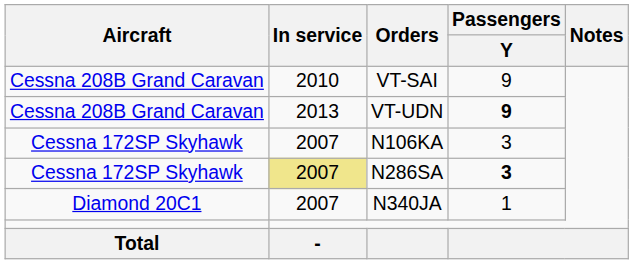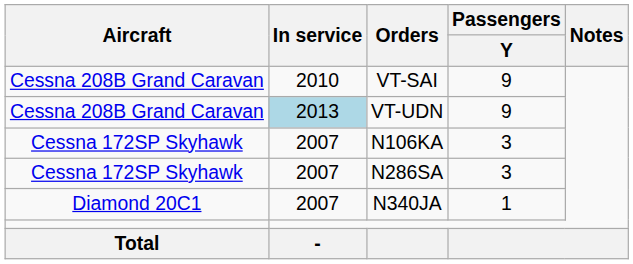 <table class="wikitable" style="text-align:center; margin:0.5em auto">
 <tr>
 <th rowspan="2">Aircraft</th>
 <th rowspan="2">In service</th>
 <th rowspan="2">Orders</th>
 <th>Passengers</th>
 <th rowspan="2">Notes</th>
 </tr>
 <tr>
 <th style="width:25px;"><abbr>Y</abbr></th>
 </tr>
 <tr>
 <td><a href='#'>Cessna 208B Grand Caravan</a></td>
 <td>2010</td>
 <td>VT-SAI</td>
 <td>9</td>
 </tr>
 <tr>
 <td><a href='#'>Cessna 208B Grand Caravan</a></td>
-<td>2013</td>
+<td style="background: lightblue;">2013</td>
 <td>VT-UDN</td>
-<td><strong>9</strong></td>
+<td>9</td>
 </tr>
 <tr>
 <td><a href='#'>Cessna 172SP Skyhawk</a></td>
 <td>2007</td>
 <td>N106KA</td>
 <td>3</td>
 </tr>
 <tr>
 <td><a href='#'>Cessna 172SP Skyhawk</a></td>
-<td style="background: khaki;">2007</td>
+<td>2007</td>
 <td>N286SA</td>
-<td><strong>3</strong></td>
+<td>3</td>
 </tr>
 <tr>
 <td><a href='#'>Diamond 20C1</a></td>
 <td>2007</td>
 <td>N340JA</td>
 <td>1</td>
 </tr>
 <tr>
 <td></td>
 </tr>
 <tr>
 <th>Total</th>
 <th>-</th>
 <th></th>
 <th colspan=2></th>
 </tr>
 </table>
